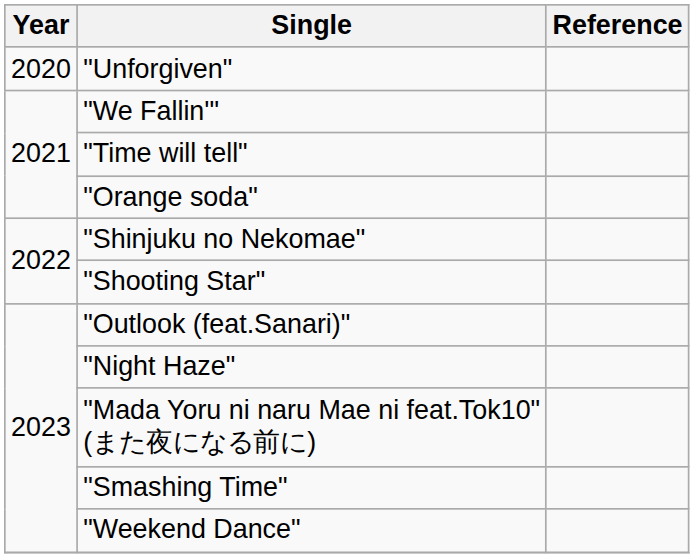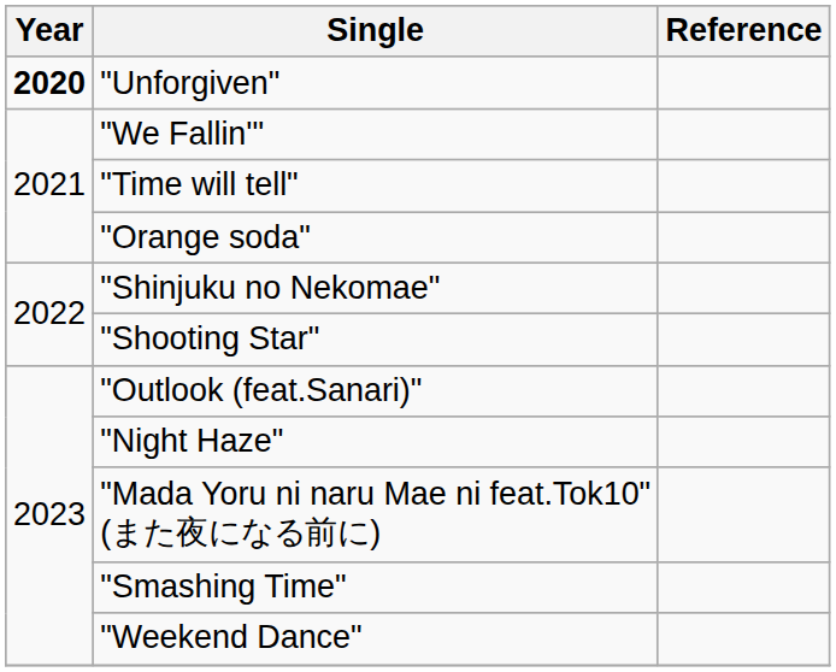 <table class="wikitable plainrowheaders" style="text-align:center;">
 <tr>
 <th scope="col">Year</th>
 <th scope="col">Single</th>
 <th scope="col">Reference</th>
 </tr>
 <tr>
-<td rowspan="1">2020</td>
+<td rowspan="1"><strong>2020</strong></td>
 <td style="text-align:left;">"Unforgiven"<br></td>
 <td></td>
 </tr>
 <tr>
 <td rowspan="3">2021</td>
 <td style="text-align:left;">"We Fallin'"<br></td>
 <td></td>
 </tr>
 <tr>
 <td style="text-align:left;">"Time will tell"<br></td>
 <td></td>
 </tr>
 <tr>
 <td style="text-align:left;">"Orange soda"<br></td>
 <td></td>
 </tr>
 <tr>
 <td rowspan="2">2022</td>
 <td style="text-align:left;">"Shinjuku no Nekomae"<br></td>
 <td></td>
 </tr>
 <tr>
 <td style="text-align:left;">"Shooting Star"<br></td>
 <td></td>
 </tr>
 <tr>
 <td rowspan="5">2023</td>
 <td style="text-align:left;">"Outlook (feat.Sanari)"<br></td>
 <td></td>
 </tr>
 <tr>
 <td style="text-align:left;">"Night Haze"<br></td>
 <td></td>
 </tr>
 <tr>
 <td style="text-align:left;">"Mada Yoru ni naru Mae ni feat.Tok10"<br> (また夜になる前に)</td>
 <td></td>
 </tr>
 <tr>
 <td style="text-align:left;">"Smashing Time"<br></td>
 <td></td>
 </tr>
 <tr>
 <td style="text-align:left;">"Weekend Dance"<br></td>
 <td></td>
 </tr>
 <tr>
 </tr>
 </table>
